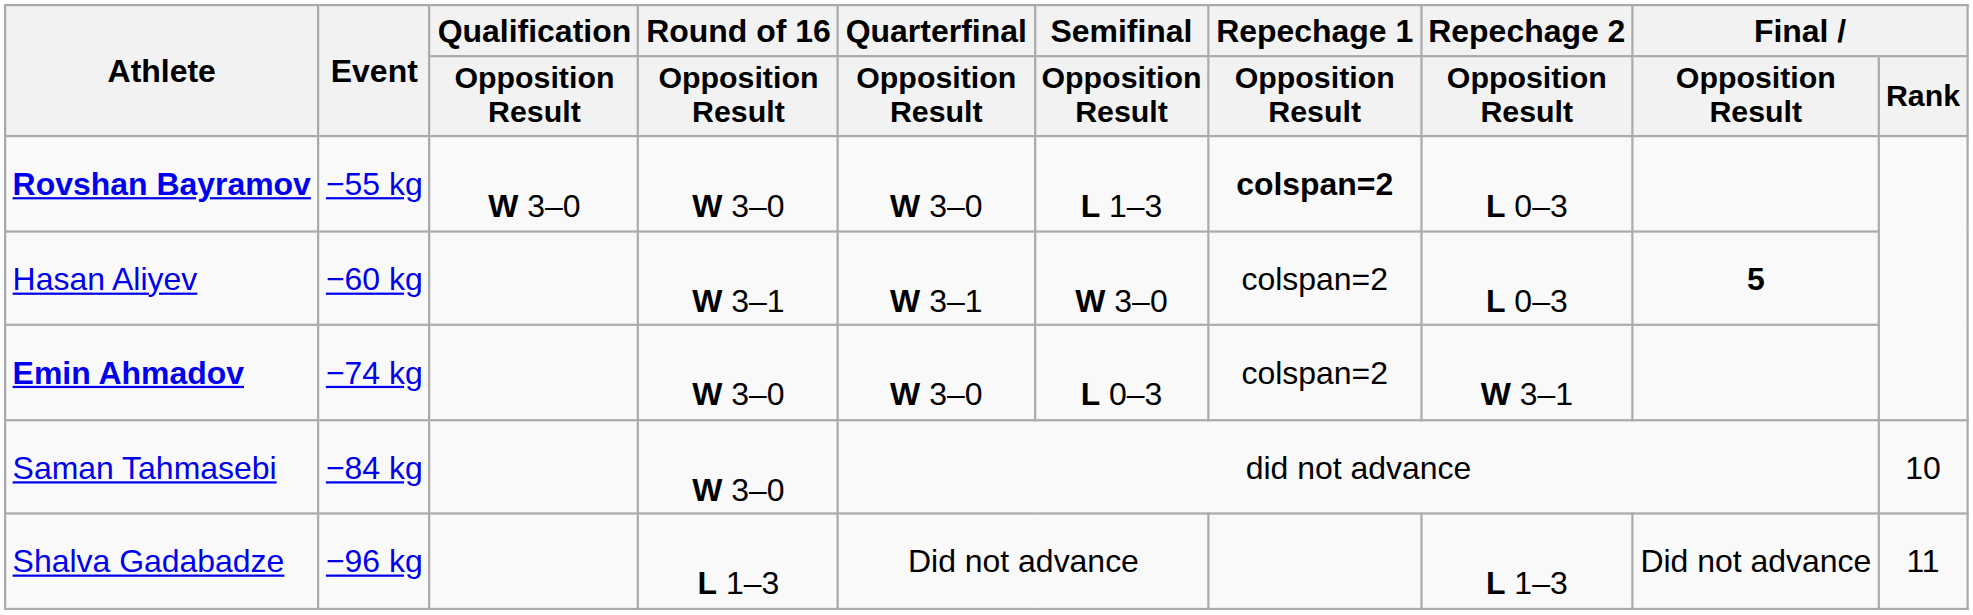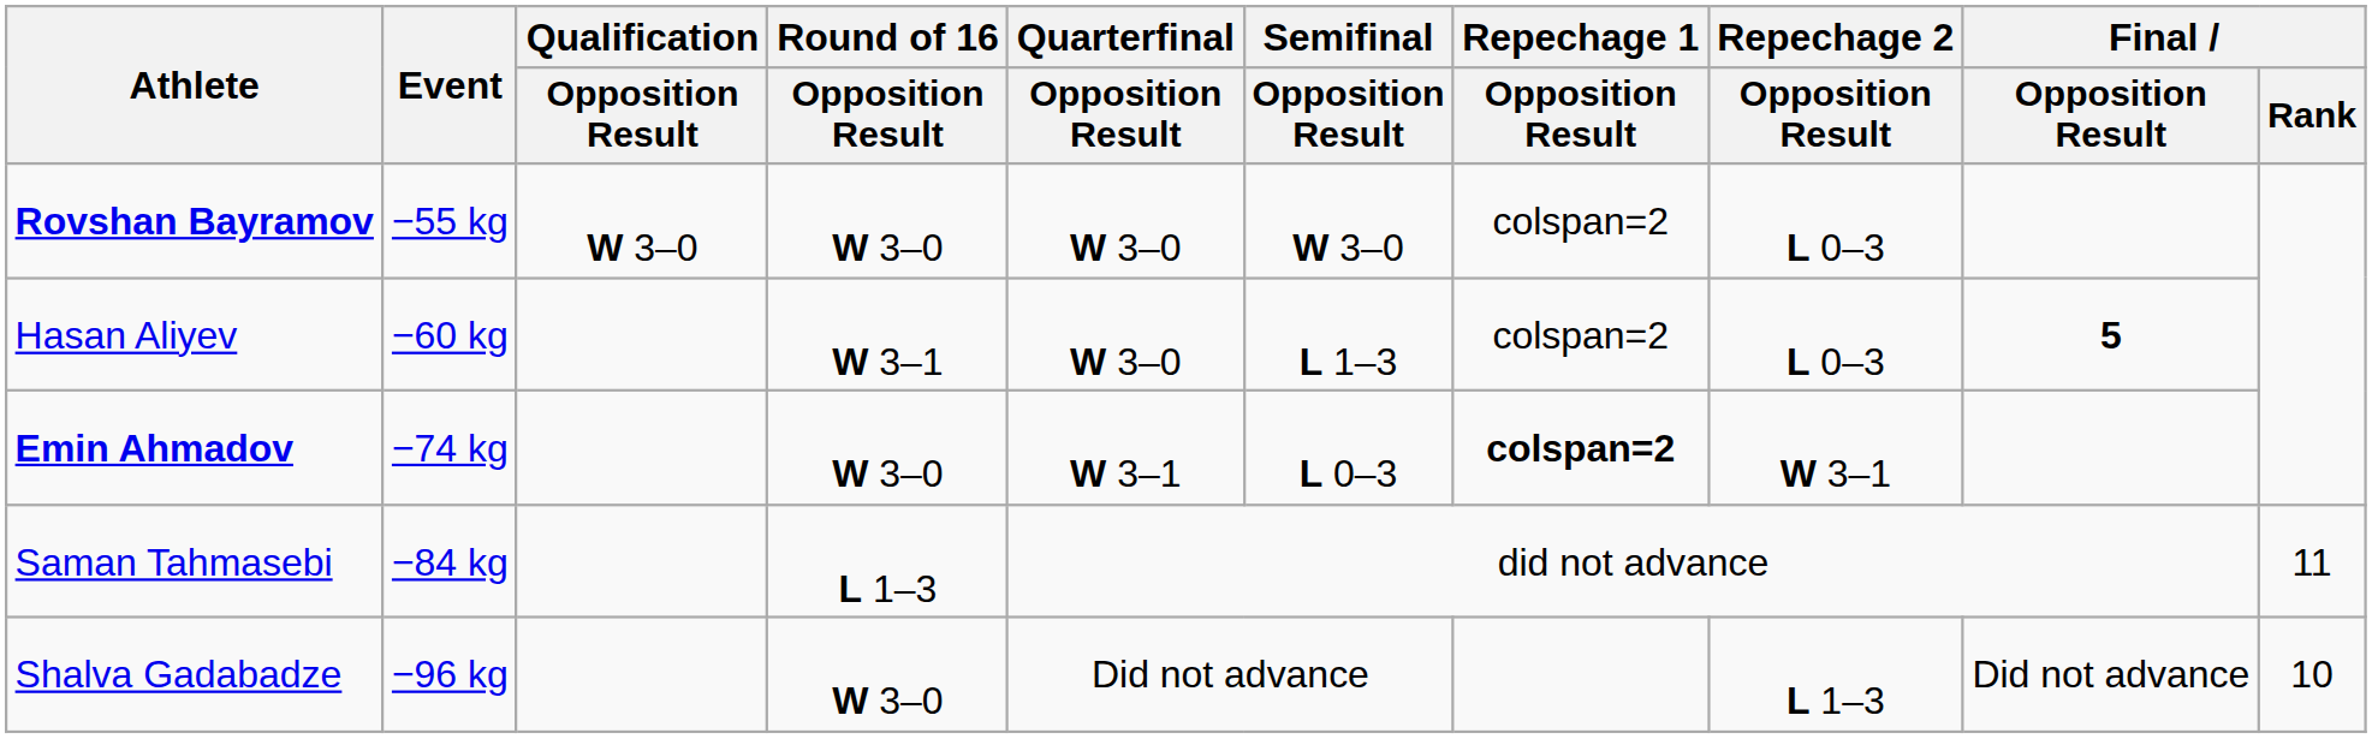 <table class="wikitable" style="font-size:90%">
 <tr>
 <th rowspan="2">Athlete</th>
 <th rowspan="2">Event</th>
 <th>Qualification</th>
 <th>Round of 16</th>
 <th>Quarterfinal</th>
 <th>Semifinal</th>
 <th>Repechage 1</th>
 <th>Repechage 2</th>
 <th colspan=2>Final / </th>
 </tr>
 <tr style="font-size: 95%">
 <th>Opposition<br>Result</th>
 <th>Opposition<br>Result</th>
 <th>Opposition<br>Result</th>
 <th>Opposition<br>Result</th>
 <th>Opposition<br>Result</th>
 <th>Opposition<br>Result</th>
 <th>Opposition<br>Result</th>
 <th>Rank</th>
 </tr>
 <tr align=center>
 <td align=left><strong><a href='#'>Rovshan Bayramov</a></strong></td>
 <td align=left><a href='#'>−55 kg</a></td>
 <td><br><strong>W</strong> 3–0 <sup></sup></td>
 <td><br><strong>W</strong> 3–0 <sup></sup></td>
 <td><br><strong>W</strong> 3–0 <sup></sup></td>
-<td><br><strong>L</strong> 1–3 <sup></sup></td>
-<td><strong>colspan=2 </strong></td>
+<td><br><strong>W</strong> 3–0 <sup></sup></td>
+<td>colspan=2 </td>
 <td><br><strong>L</strong> 0–3 <sup></sup></td>
 <td></td>
 </tr>
 <tr align=center>
 <td align=left><a href='#'>Hasan Aliyev</a></td>
 <td align=left><a href='#'>−60 kg</a></td>
 <td></td>
 <td><br><strong>W</strong> 3–1 <sup></sup></td>
-<td><br><strong>W</strong> 3–1 <sup></sup></td>
 <td><br><strong>W</strong> 3–0 <sup></sup></td>
+<td><br><strong>L</strong> 1–3 <sup></sup></td>
 <td>colspan=2 </td>
 <td><br><strong>L</strong> 0–3 <sup></sup></td>
 <td><strong>5</strong></td>
 </tr>
 <tr align=center>
 <td align=left><strong><a href='#'>Emin Ahmadov</a></strong></td>
 <td align=left><a href='#'>−74 kg</a></td>
 <td></td>
 <td><br><strong>W</strong> 3–0 <sup></sup></td>
-<td><br><strong>W</strong> 3–0 <sup></sup></td>
+<td><br><strong>W</strong> 3–1 <sup></sup></td>
 <td><br><strong>L</strong> 0–3 <sup></sup></td>
-<td>colspan=2 </td>
+<td><strong>colspan=2 </strong></td>
 <td><br><strong>W</strong> 3–1 <sup></sup></td>
 <td></td>
 </tr>
 <tr align=center>
 <td align=left><a href='#'>Saman Tahmasebi</a></td>
 <td align=left><a href='#'>−84 kg</a></td>
 <td></td>
-<td><br><strong>W</strong> 3–0 <sup></sup></td>
+<td><br><strong>L</strong> 1–3 <sup></sup></td>
 <td colspan=5>did not advance</td>
-<td>10</td>
+<td>11</td>
 </tr>
 <tr align=center>
 <td align=left><a href='#'>Shalva Gadabadze</a></td>
 <td align=left><a href='#'>−96 kg</a></td>
 <td></td>
-<td><br><strong>L</strong> 1–3 <sup></sup></td>
+<td><br><strong>W</strong> 3–0 <sup></sup></td>
 <td colspan=2>Did not advance</td>
 <td></td>
 <td><br><strong>L</strong> 1–3 <sup></sup></td>
 <td>Did not advance</td>
-<td>11</td>
+<td>10</td>
 </tr>
 </table>
